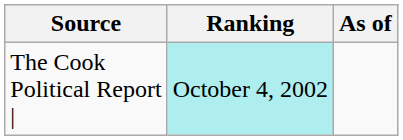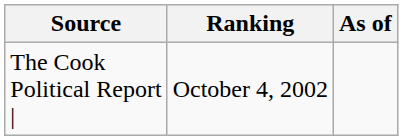 <table class="wikitable" style="text-align:center">
 <tr>
 <th>Source</th>
 <th>Ranking</th>
 <th>As of</th>
 </tr>
 <tr>
 <td align=left>The Cook<br>Political Report<br>| </td>
-<td style="background: paleturquoise;">October 4, 2002</td>
+<td>October 4, 2002</td>
 </tr>
 </table>
